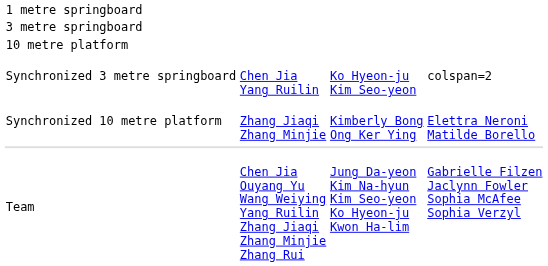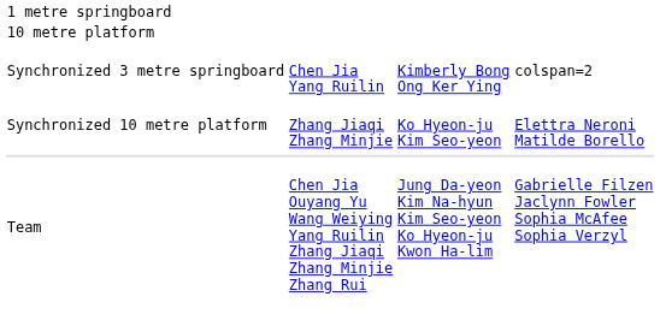 <table>
 <tr>
 <td>1 metre springboard<br></td>
-<td></td>
-<td></td>
-<td></td>
-</tr>
-<tr>
-<td>3 metre springboard<br></td>
 <td></td>
 <td></td>
 <td></td>
 </tr>
 <tr>
 <td>10 metre platform<br></td>
 <td></td>
 <td></td>
 <td></td>
 </tr>
 <tr>
 <td>Synchronized 3 metre springboard<br></td>
 <td><br><a href='#'>Chen Jia</a><br><a href='#'>Yang Ruilin</a></td>
-<td><br><a href='#'>Ko Hyeon-ju</a><br><a href='#'>Kim Seo-yeon</a></td>
+<td><br><a href='#'>Kimberly Bong</a><br><a href='#'>Ong Ker Ying</a></td>
 <td>colspan=2 </td>
 </tr>
 <tr>
 <td>Synchronized 10 metre platform<br></td>
 <td><br><a href='#'>Zhang Jiaqi</a><br><a href='#'>Zhang Minjie</a></td>
-<td><br><a href='#'>Kimberly Bong</a><br><a href='#'>Ong Ker Ying</a></td>
+<td><br><a href='#'>Ko Hyeon-ju</a><br><a href='#'>Kim Seo-yeon</a></td>
 <td><br><a href='#'>Elettra Neroni</a><br><a href='#'>Matilde Borello</a></td>
 </tr>
 <tr>
 </tr>
 <tr bgcolor=#DDDDDD>
 <td colspan=4></td>
 </tr>
 <tr>
 <td>Team<br></td>
 <td valign=top><br><a href='#'>Chen Jia</a><br><a href='#'>Ouyang Yu</a><br><a href='#'>Wang Weiying</a><br><a href='#'>Yang Ruilin</a><br><a href='#'>Zhang Jiaqi</a><br><a href='#'>Zhang Minjie</a><br><a href='#'>Zhang Rui</a></td>
 <td valign=top><br><a href='#'>Jung Da-yeon</a><br><a href='#'>Kim Na-hyun</a><br><a href='#'>Kim Seo-yeon</a><br><a href='#'>Ko Hyeon-ju</a><br><a href='#'>Kwon Ha-lim</a></td>
 <td valign=top><br><a href='#'>Gabrielle Filzen</a><br><a href='#'>Jaclynn Fowler</a><br><a href='#'>Sophia McAfee</a><br><a href='#'>Sophia Verzyl</a></td>
 </tr>
 </table>
